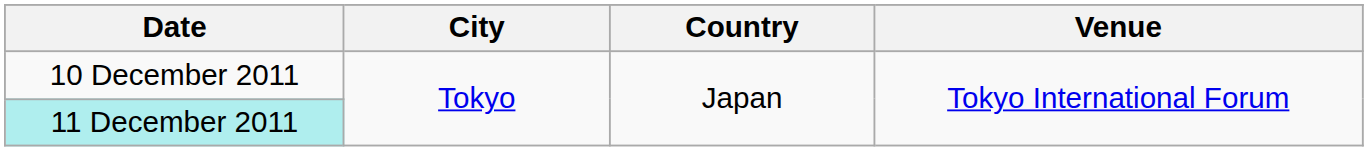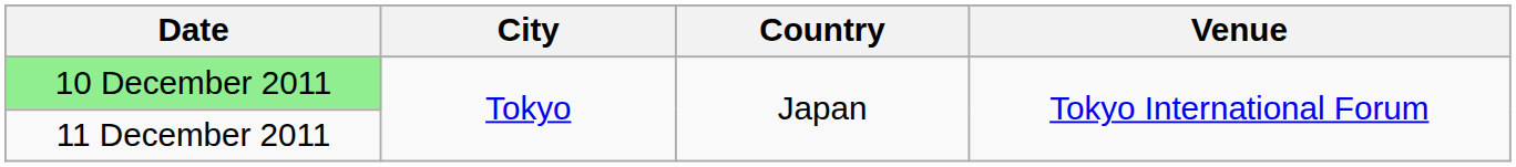 <table class="wikitable" style="text-align:center;">
 <tr>
 <th scope="col" style="width:11em;">Date</th>
 <th scope="col" style="width:8.5em;">City</th>
 <th scope="col" style="width:8.5em;">Country</th>
 <th scope="col" style="width:16em;">Venue</th>
 </tr>
 <tr>
-<td>10 December 2011</td>
+<td style="background: lightgreen;">10 December 2011</td>
 <td rowspan="2"><a href='#'>Tokyo</a></td>
 <td rowspan="2">Japan</td>
 <td rowspan="2"><a href='#'>Tokyo International Forum</a></td>
 </tr>
 <tr>
-<td style="background: paleturquoise;">11 December 2011</td>
+<td>11 December 2011</td>
 </tr>
 </table>
